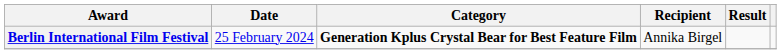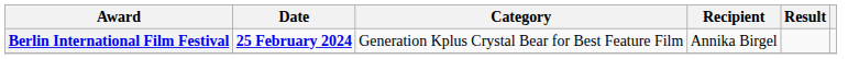 <table class="wikitable sortable plainrowheaders">
 <tr>
 <th>Award</th>
 <th>Date</th>
 <th>Category</th>
 <th>Recipient</th>
 <th>Result</th>
 <th></th>
 </tr>
 <tr>
 <th scope="row"><a href='#'>Berlin International Film Festival</a></th>
-<td><a href='#'>25 February 2024</a></td>
-<td><strong>Generation Kplus Crystal Bear for Best Feature Film</strong></td>
+<td><strong><a href='#'>25 February 2024</a></strong></td>
+<td>Generation Kplus Crystal Bear for Best Feature Film</td>
 <td>Annika Birgel</td>
 <td></td>
 <td align="center" rowspan="1"></td>
 </tr>
 <tr>
 </tr>
 </table>
